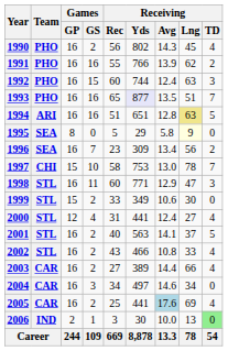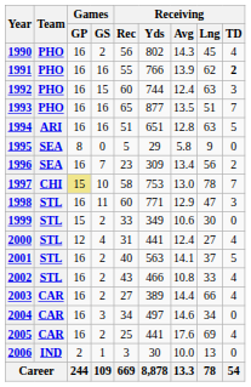 <table class="wikitable" style="text-align: center;">
 <tr>
 <th rowspan="2">Year</th>
 <th rowspan="2">Team</th>
 <th colspan="2">Games</th>
 <th colspan="5">Receiving</th>
 </tr>
 <tr>
 <th>GP</th>
 <th>GS</th>
 <th>Rec</th>
 <th>Yds</th>
 <th>Avg</th>
 <th>Lng</th>
 <th>TD</th>
 </tr>
 <tr>
 <th><a href='#'>1990</a></th>
 <th><a href='#'>PHO</a></th>
 <td>16</td>
 <td>2</td>
 <td>56</td>
 <td>802</td>
 <td>14.3</td>
 <td>45</td>
 <td>4</td>
 </tr>
 <tr>
 <th><a href='#'>1991</a></th>
 <th><a href='#'>PHO</a></th>
 <td>16</td>
 <td>16</td>
 <td>55</td>
 <td>766</td>
 <td>13.9</td>
 <td>62</td>
-<td>2</td>
+<td><strong>2</strong></td>
 </tr>
 <tr>
 <th><a href='#'>1992</a></th>
 <th><a href='#'>PHO</a></th>
 <td>16</td>
 <td>15</td>
 <td>60</td>
 <td>744</td>
 <td>12.4</td>
 <td>63</td>
 <td>3</td>
 </tr>
 <tr>
 <th><a href='#'>1993</a></th>
 <th><a href='#'>PHO</a></th>
 <td>16</td>
 <td>16</td>
 <td>65</td>
-<td style="background: lavender;">877</td>
+<td>877</td>
 <td>13.5</td>
 <td>51</td>
 <td>7</td>
 </tr>
 <tr>
 <th><a href='#'>1994</a></th>
 <th><a href='#'>ARI</a></th>
 <td>16</td>
 <td>16</td>
 <td>51</td>
 <td>651</td>
 <td>12.8</td>
-<td style="background: khaki;">63</td>
+<td>63</td>
 <td>5</td>
 </tr>
 <tr>
 <th><a href='#'>1995</a></th>
 <th><a href='#'>SEA</a></th>
 <td>8</td>
 <td>0</td>
 <td>5</td>
 <td>29</td>
 <td>5.8</td>
-<td style="background: lightyellow;">9</td>
+<td>9</td>
 <td>0</td>
 </tr>
 <tr>
 <th><a href='#'>1996</a></th>
 <th><a href='#'>SEA</a></th>
 <td>16</td>
 <td>7</td>
 <td>23</td>
 <td>309</td>
 <td>13.4</td>
 <td>56</td>
 <td>2</td>
 </tr>
 <tr>
 <th><a href='#'>1997</a></th>
 <th><a href='#'>CHI</a></th>
-<td>15</td>
+<td style="background: khaki;">15</td>
 <td>10</td>
 <td>58</td>
 <td>753</td>
 <td>13.0</td>
 <td>78</td>
 <td>7</td>
 </tr>
 <tr>
 <th><a href='#'>1998</a></th>
 <th><a href='#'>STL</a></th>
 <td>16</td>
 <td>11</td>
 <td>60</td>
 <td>771</td>
 <td>12.9</td>
 <td>47</td>
 <td>3</td>
 </tr>
 <tr>
 <th><a href='#'>1999</a></th>
 <th><a href='#'>STL</a></th>
 <td>15</td>
 <td>2</td>
 <td>33</td>
 <td>349</td>
 <td>10.6</td>
 <td>30</td>
 <td>0</td>
 </tr>
 <tr>
 <th><a href='#'>2000</a></th>
 <th><a href='#'>STL</a></th>
 <td>12</td>
 <td>4</td>
 <td>31</td>
 <td>441</td>
 <td>12.4</td>
 <td>27</td>
 <td>4</td>
 </tr>
 <tr>
 <th><a href='#'>2001</a></th>
 <th><a href='#'>STL</a></th>
 <td>16</td>
 <td>2</td>
 <td>40</td>
 <td>563</td>
 <td>14.1</td>
 <td>37</td>
 <td>5</td>
 </tr>
 <tr>
 <th><a href='#'>2002</a></th>
 <th><a href='#'>STL</a></th>
 <td>16</td>
 <td>2</td>
 <td>43</td>
 <td>466</td>
 <td>10.8</td>
 <td>33</td>
 <td>4</td>
 </tr>
 <tr>
 <th><a href='#'>2003</a></th>
 <th><a href='#'>CAR</a></th>
 <td>16</td>
 <td>2</td>
 <td>27</td>
 <td>389</td>
 <td>14.4</td>
 <td>66</td>
 <td>4</td>
 </tr>
 <tr>
 <th><a href='#'>2004</a></th>
 <th><a href='#'>CAR</a></th>
 <td>16</td>
 <td>3</td>
 <td>34</td>
 <td>497</td>
 <td>14.6</td>
 <td>34</td>
 <td>0</td>
 </tr>
 <tr>
 <th><a href='#'>2005</a></th>
 <th><a href='#'>CAR</a></th>
 <td>16</td>
 <td>2</td>
 <td>25</td>
 <td>441</td>
-<td style="background: lightblue;">17.6</td>
+<td>17.6</td>
 <td>69</td>
 <td>4</td>
 </tr>
 <tr>
 <th><a href='#'>2006</a></th>
 <th><a href='#'>IND</a></th>
 <td>2</td>
 <td>1</td>
 <td>3</td>
 <td>30</td>
 <td>10.0</td>
 <td>13</td>
-<td style="background: lightgreen;">0</td>
+<td>0</td>
 </tr>
 <tr>
 <th colspan="2">Career</th>
 <th>244</th>
 <th>109</th>
 <th>669</th>
 <th>8,878</th>
 <th>13.3</th>
 <th>78</th>
 <th>54</th>
 </tr>
 </table>
